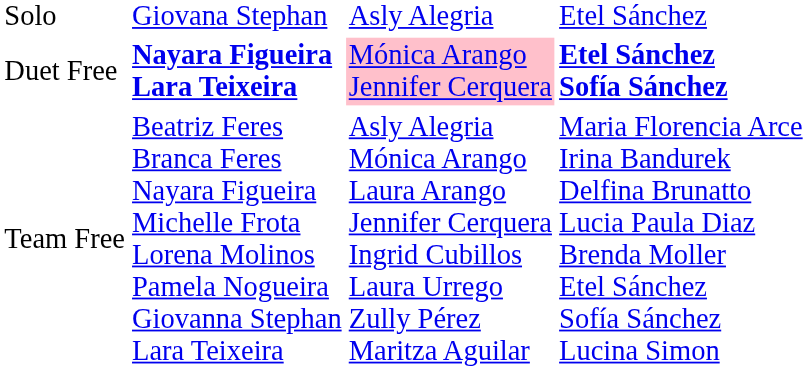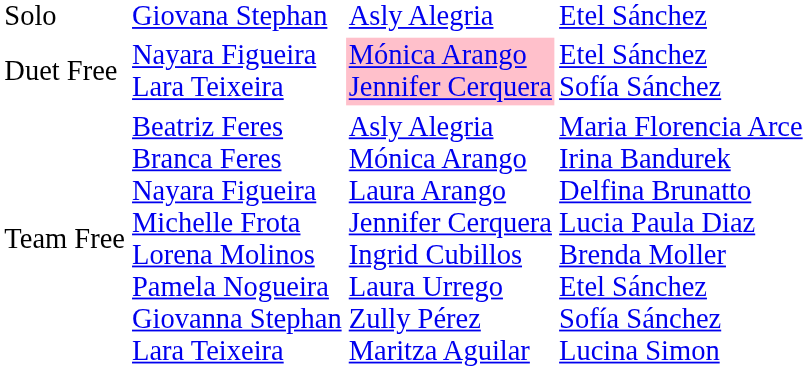 <table>
 <tr>
 <td>Solo <br></td>
 <td><a href='#'>Giovana Stephan</a><br><em></em></td>
 <td><a href='#'>Asly Alegria</a><br><em></em></td>
 <td><a href='#'>Etel Sánchez</a><br><em></em></td>
 </tr>
 <tr>
 <td>Duet Free <br></td>
-<td><strong><a href='#'>Nayara Figueira</a><br><a href='#'>Lara Teixeira</a><br><em></em></strong></td>
+<td><a href='#'>Nayara Figueira</a><br><a href='#'>Lara Teixeira</a><br><em></em></td>
 <td style="background: pink;"><a href='#'>Mónica Arango</a><br><a href='#'>Jennifer Cerquera</a><br><em></em></td>
-<td><strong><a href='#'>Etel Sánchez</a><br><a href='#'>Sofía Sánchez</a><br><em></em></strong></td>
+<td><a href='#'>Etel Sánchez</a><br><a href='#'>Sofía Sánchez</a><br><em></em></td>
 </tr>
 <tr>
 <td>Team Free <br></td>
 <td><a href='#'>Beatriz Feres</a><br><a href='#'>Branca Feres</a><br><a href='#'>Nayara Figueira</a><br><a href='#'>Michelle Frota</a><br><a href='#'>Lorena Molinos</a><br><a href='#'>Pamela Nogueira</a><br><a href='#'>Giovanna Stephan</a><br><a href='#'>Lara Teixeira</a><br><em></em></td>
 <td><a href='#'>Asly Alegria</a><br><a href='#'>Mónica Arango</a><br><a href='#'>Laura Arango</a><br><a href='#'>Jennifer Cerquera</a><br><a href='#'>Ingrid Cubillos</a><br><a href='#'>Laura Urrego</a><br><a href='#'>Zully Pérez</a><br><a href='#'>Maritza Aguilar</a><br><em></em></td>
 <td><a href='#'>Maria Florencia Arce</a><br><a href='#'>Irina Bandurek</a><br><a href='#'>Delfina Brunatto</a><br><a href='#'>Lucia Paula Diaz</a><br><a href='#'>Brenda Moller</a><br><a href='#'>Etel Sánchez</a><br><a href='#'>Sofía Sánchez</a><br><a href='#'>Lucina Simon</a><br><em></em></td>
 </tr>
 </table>
